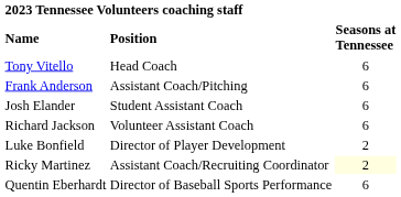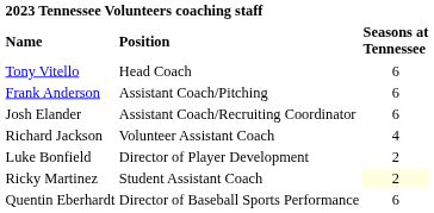 <table class="toccolours" style="text-align: left; font-size:90%;">
 <tr>
 <th colspan="9">2023 Tennessee Volunteers coaching staff</th>
 </tr>
 <tr>
 <th>Name</th>
 <th>Position</th>
 <th>Seasons at<br>Tennessee</th>
 </tr>
 <tr>
 <td><a href='#'>Tony Vitello</a></td>
 <td>Head Coach</td>
 <td align=center>6</td>
 </tr>
 <tr>
 <td><a href='#'>Frank Anderson</a></td>
 <td>Assistant Coach/Pitching</td>
 <td align=center>6</td>
 </tr>
 <tr>
 <td>Josh Elander</td>
-<td>Student Assistant Coach</td>
+<td>Assistant Coach/Recruiting Coordinator</td>
 <td align=center>6</td>
 </tr>
 <tr>
 <td>Richard Jackson</td>
 <td>Volunteer Assistant Coach</td>
-<td align=center>6</td>
+<td align=center>4</td>
 </tr>
 <tr>
 <td>Luke Bonfield</td>
 <td>Director of Player Development</td>
 <td align=center>2</td>
 </tr>
 <tr>
 <td>Ricky Martinez</td>
-<td>Assistant Coach/Recruiting Coordinator</td>
+<td>Student Assistant Coach</td>
 <td align=center style="background: lightyellow;">2</td>
 </tr>
 <tr>
 <td>Quentin Eberhardt</td>
 <td>Director of Baseball Sports Performance</td>
 <td align=center>6</td>
 </tr>
 </table>
